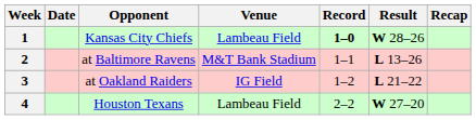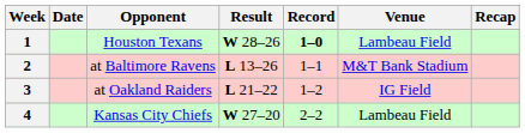 <table class="wikitable" style="text-align:center">
 <tr>
 <th>Week</th>
 <th>Date</th>
 <th>Opponent</th>
+<th>Result</th>
+<th>Record</th>
 <th>Venue</th>
-<th>Record</th>
-<th>Result</th>
 <th>Recap</th>
 </tr>
 <tr style="background:#cfc">
 <th>1</th>
 <td></td>
-<td><a href='#'>Kansas City Chiefs</a></td>
+<td><a href='#'>Houston Texans</a></td>
+<td><strong>W</strong> 28–26</td>
+<td><strong>1–0</strong></td>
 <td><a href='#'>Lambeau Field</a></td>
-<td><strong>1–0</strong></td>
-<td><strong>W</strong> 28–26</td>
 <td></td>
 </tr>
 <tr style="background:#fcc">
 <th>2</th>
 <td></td>
 <td>at <a href='#'>Baltimore Ravens</a></td>
+<td><strong>L</strong> 13–26</td>
+<td>1–1</td>
 <td><a href='#'>M&T Bank Stadium</a></td>
-<td>1–1</td>
-<td><strong>L</strong> 13–26</td>
 <td></td>
 </tr>
 <tr style="background:#fcc">
 <th>3</th>
 <td></td>
 <td>at <a href='#'>Oakland Raiders</a></td>
+<td><strong>L</strong> 21–22</td>
+<td>1–2</td>
 <td> <a href='#'>IG Field</a> </td>
-<td>1–2</td>
-<td><strong>L</strong> 21–22</td>
 <td></td>
 </tr>
 <tr style="background:#cfc">
 <th>4</th>
 <td></td>
-<td><a href='#'>Houston Texans</a></td>
+<td><a href='#'>Kansas City Chiefs</a></td>
+<td><strong>W</strong> 27–20</td>
+<td>2–2</td>
 <td>Lambeau Field</td>
-<td>2–2</td>
-<td><strong>W</strong> 27–20</td>
 <td></td>
 </tr>
 </table>
